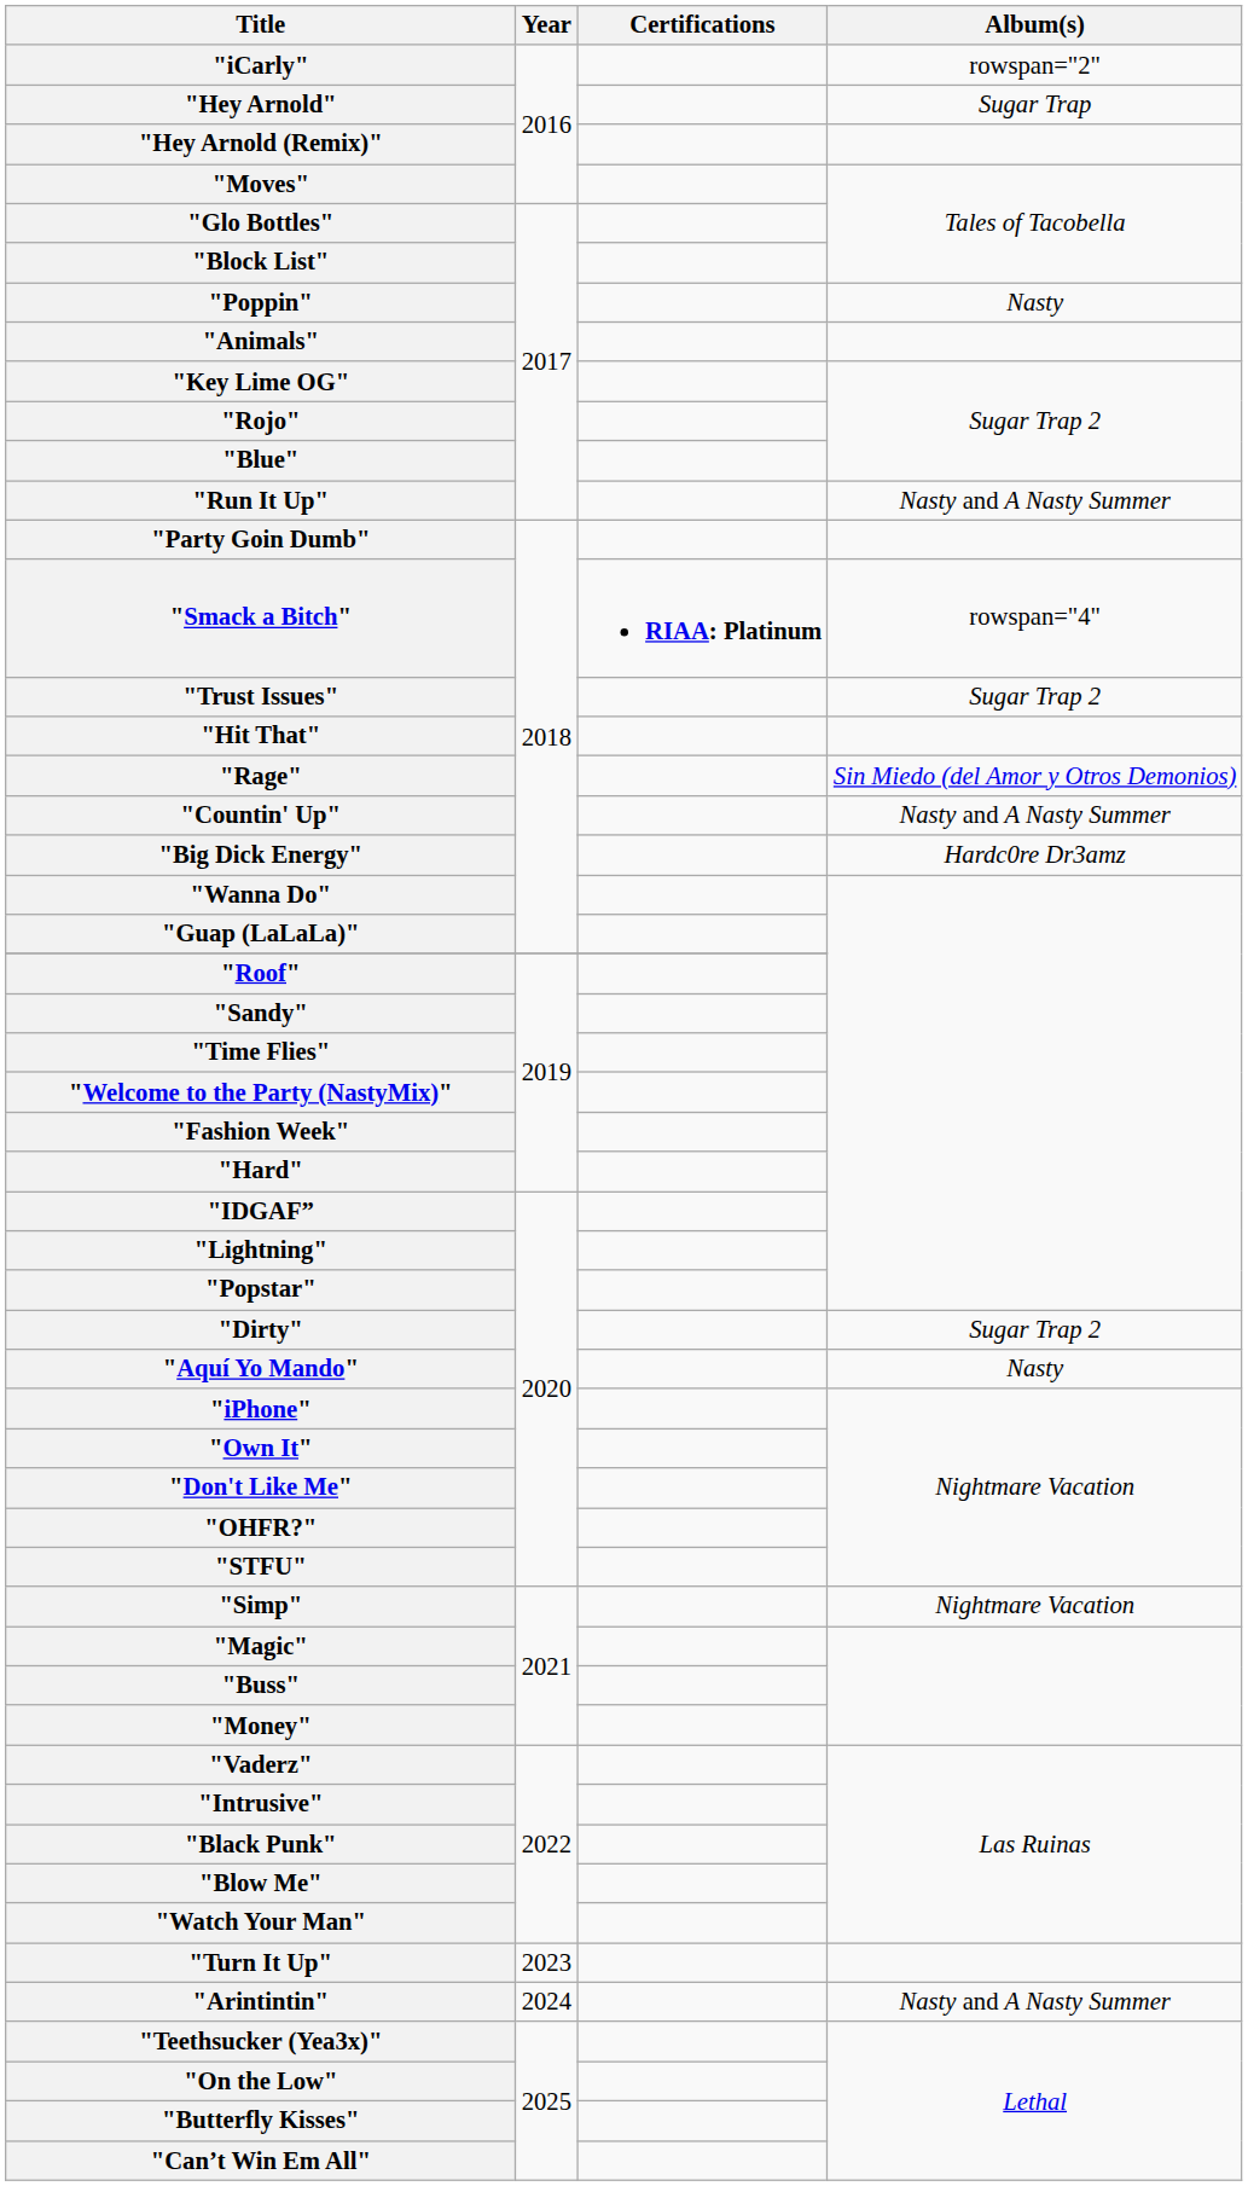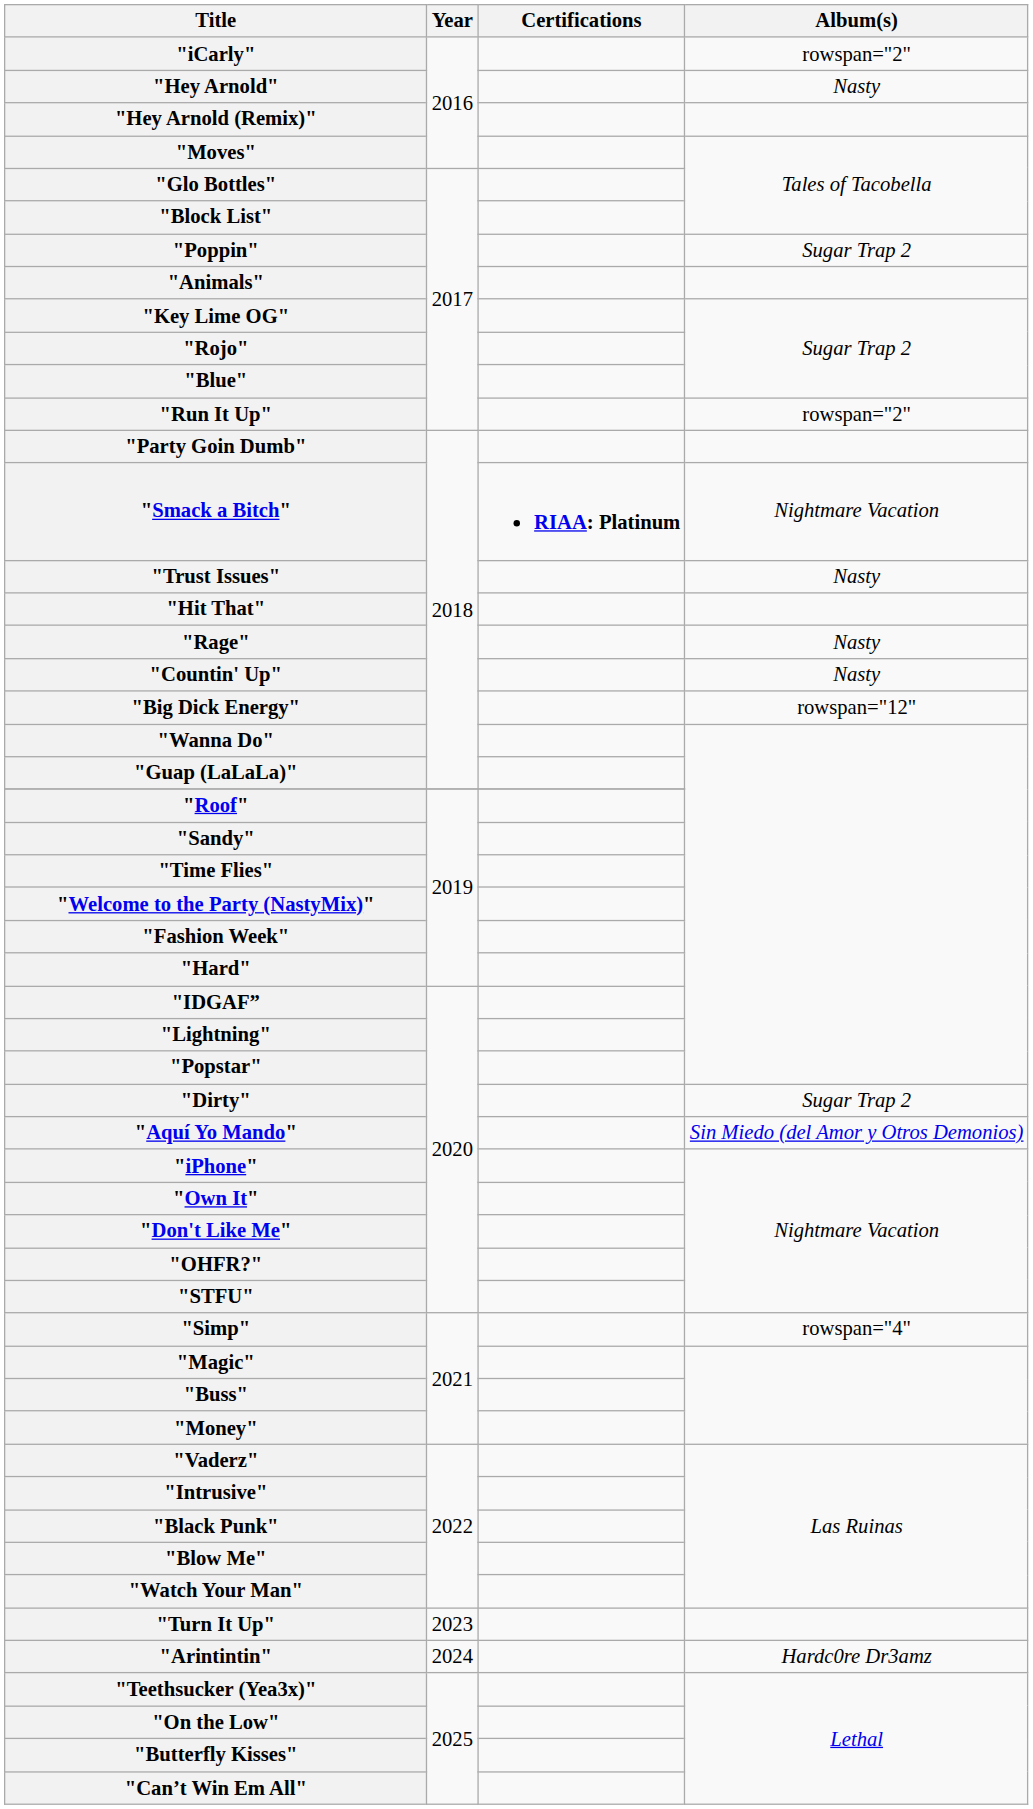 <table class="wikitable plainrowheaders" style="text-align:center;">
 <tr>
 <th scope="col" style="width:20em;">Title</th>
 <th scope="col">Year</th>
 <th scope="col">Certifications</th>
 <th scope="col">Album(s)</th>
 </tr>
 <tr>
 <th scope="row">"iCarly"</th>
 <td rowspan="4">2016</td>
 <td></td>
 <td>rowspan="2" </td>
 </tr>
 <tr>
 <th scope="row">"Hey Arnold"</th>
 <td></td>
-<td><em>Sugar Trap</em></td>
+<td><em>Nasty</em></td>
 </tr>
 <tr>
 <th scope="row">"Hey Arnold (Remix)"<br></th>
 <td></td>
 <td></td>
 </tr>
 <tr>
 <th scope="row">"Moves"</th>
 <td></td>
 <td rowspan="3"><em>Tales of Tacobella</em></td>
 </tr>
 <tr>
 <th scope="row">"Glo Bottles"</th>
 <td rowspan="8">2017</td>
 <td></td>
 </tr>
 <tr>
 <th scope="row">"Block List"</th>
 <td></td>
 </tr>
 <tr>
 <th scope="row">"Poppin"</th>
 <td></td>
-<td><em>Nasty</em></td>
+<td><em>Sugar Trap 2</em></td>
 </tr>
 <tr>
 <th scope="row">"Animals"</th>
 <td></td>
 <td></td>
 </tr>
 <tr>
 <th scope="row">"Key Lime OG"<br></th>
 <td></td>
 <td rowspan="3"><em>Sugar Trap 2</em></td>
 </tr>
 <tr>
 <th scope="row">"Rojo"</th>
 <td></td>
 </tr>
 <tr>
 <th scope="row">"Blue"</th>
 <td></td>
 </tr>
 <tr>
 <th scope="row">"Run It Up"<br></th>
 <td></td>
-<td><em>Nasty</em> and <em>A Nasty Summer</em></td>
+<td>rowspan="2" </td>
 </tr>
 <tr>
 <th scope="row">"Party Goin Dumb"</th>
 <td rowspan="9">2018</td>
 <td></td>
 </tr>
 <tr>
 <th scope="row">"<a href='#'>Smack a Bitch</a>"</th>
 <td><strong><br><ul><li><a href='#'>RIAA</a>: Platinum</li></ul></strong></td>
-<td>rowspan="4" </td>
+<td><em>Nightmare Vacation</em></td>
 </tr>
 <tr>
 <th scope="row">"Trust Issues"</th>
 <td></td>
-<td><em>Sugar Trap 2</em></td>
+<td><em>Nasty</em></td>
 </tr>
 <tr>
 <th scope="row">"Hit That"</th>
 <td></td>
 <td></td>
 </tr>
 <tr>
 <th scope="row">"Rage"</th>
 <td></td>
-<td><em><a href='#'>Sin Miedo (del Amor y Otros Demonios)</a></em></td>
+<td><em>Nasty</em></td>
 </tr>
 <tr>
 <th scope="row">"Countin' Up"</th>
 <td></td>
-<td><em>Nasty</em> and <em>A Nasty Summer</em></td>
+<td><em>Nasty</em></td>
 </tr>
 <tr>
 <th scope="row">"Big Dick Energy"</th>
 <td></td>
-<td><em>Hardc0re Dr3amz</em></td>
+<td>rowspan="12" </td>
 </tr>
 <tr>
 <th scope="row">"Wanna Do"</th>
 <td></td>
 </tr>
 <tr>
 <th scope="row">"Guap (LaLaLa)"</th>
 <td></td>
 </tr>
 <tr>
 </tr>
 <tr>
 <th scope="row">"<a href='#'>Roof</a>"</th>
 <td rowspan="6">2019</td>
 <td></td>
 </tr>
 <tr>
 <th scope="row">"Sandy"</th>
 <td></td>
 </tr>
 <tr>
 <th scope="row">"Time Flies"</th>
 <td></td>
 </tr>
 <tr>
 <th scope="row">"<a href='#'>Welcome to the Party (NastyMix)</a>"</th>
 <td></td>
 </tr>
 <tr>
 <th scope="row">"Fashion Week"</th>
 <td></td>
 </tr>
 <tr>
 <th scope="row">"Hard"</th>
 <td></td>
 </tr>
 <tr>
 <th scope="row">"IDGAF”</th>
 <td rowspan="10">2020</td>
 <td></td>
 </tr>
 <tr>
 <th scope="row">"Lightning"</th>
 <td></td>
 </tr>
 <tr>
 <th scope="row">"Popstar"</th>
 <td></td>
 </tr>
 <tr>
 <th scope="row">"Dirty"</th>
 <td></td>
 <td><em>Sugar Trap 2</em></td>
 </tr>
 <tr>
 <th scope="row">"<a href='#'>Aquí Yo Mando</a>"<br></th>
 <td></td>
-<td><em>Nasty</em></td>
+<td><em><a href='#'>Sin Miedo (del Amor y Otros Demonios)</a></em></td>
 </tr>
 <tr>
 <th scope="row">"<a href='#'>iPhone</a>"</th>
 <td></td>
 <td rowspan="5"><em>Nightmare Vacation</em></td>
 </tr>
 <tr>
 <th scope="row">"<a href='#'>Own It</a>"</th>
 <td></td>
 </tr>
 <tr>
 <th scope="row">"<a href='#'>Don't Like Me</a>"<br></th>
 <td></td>
 </tr>
 <tr>
 <th scope="row">"OHFR?"</th>
 <td></td>
 </tr>
 <tr>
 <th scope="row">"STFU"</th>
 <td></td>
 </tr>
 <tr>
 <th scope="row">"Simp"<br></th>
 <td rowspan="4">2021</td>
 <td></td>
-<td><em>Nightmare Vacation</em></td>
+<td>rowspan="4" </td>
 </tr>
 <tr>
 <th scope="row">"Magic"</th>
 <td></td>
 </tr>
 <tr>
 <th scope="row">"Buss"</th>
 <td></td>
 </tr>
 <tr>
 <th scope="row">"Money"<br></th>
 <td></td>
 </tr>
 <tr>
 <th scope="row">"Vaderz"<br></th>
 <td rowspan="5">2022</td>
 <td></td>
 <td rowspan="5"><em>Las Ruinas</em></td>
 </tr>
 <tr>
 <th scope="row">"Intrusive"</th>
 <td></td>
 </tr>
 <tr>
 <th scope="row">"Black Punk"</th>
 <td></td>
 </tr>
 <tr>
 <th scope="row">"Blow Me"</th>
 <td></td>
 </tr>
 <tr>
 <th scope="row">"Watch Your Man"<br></th>
 <td></td>
 </tr>
 <tr>
 <th scope="row">"Turn It Up"</th>
 <td>2023</td>
 <td></td>
 <td></td>
 </tr>
 <tr>
 <th scope="row">"Arintintin"<br></th>
 <td>2024</td>
 <td></td>
-<td><em>Nasty</em> and <em>A Nasty Summer</em></td>
+<td><em>Hardc0re Dr3amz</em></td>
 </tr>
 <tr>
 <th scope="row">"Teethsucker (Yea3x)"</th>
 <td rowspan="4">2025</td>
 <td></td>
 <td rowspan="4"><em><a href='#'>Lethal</a></em></td>
 </tr>
 <tr>
 <th scope="row">"On the Low"</th>
 <td></td>
 </tr>
 <tr>
 <th scope="row">"Butterfly Kisses"</th>
 <td></td>
 </tr>
 <tr>
 <th scope="row">"Can’t Win Em All"</th>
 <td></td>
 </tr>
 </table>
